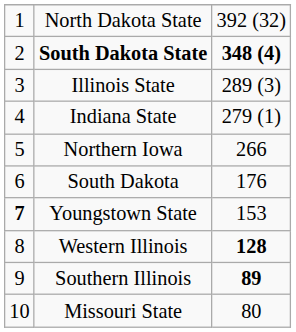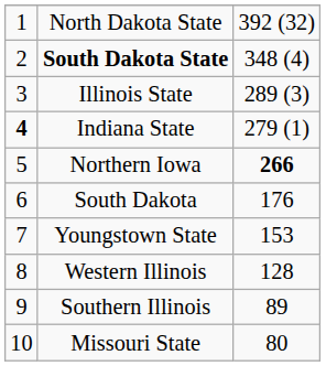 <table class="wikitable">
 <tr align="center">
 </tr>
 <tr align="center">
 <td>1</td>
 <td>North Dakota State</td>
 <td>392 (32)</td>
 </tr>
 <tr align="center">
 <td>2</td>
 <td><strong>South Dakota State</strong></td>
-<td><strong>348 (4)</strong></td>
+<td>348 (4)</td>
 </tr>
 <tr align="center">
 <td>3</td>
 <td>Illinois State</td>
 <td>289 (3)</td>
 </tr>
 <tr align="center">
-<td>4</td>
+<td><strong>4</strong></td>
 <td>Indiana State</td>
 <td>279 (1)</td>
 </tr>
 <tr align="center">
 <td>5</td>
 <td>Northern Iowa</td>
-<td>266</td>
+<td><strong>266</strong></td>
 </tr>
 <tr align="center">
 <td>6</td>
 <td>South Dakota</td>
 <td>176</td>
 </tr>
 <tr align="center">
-<td><strong>7</strong></td>
+<td>7</td>
 <td>Youngstown State</td>
 <td>153</td>
 </tr>
 <tr align="center">
 <td>8</td>
 <td>Western Illinois</td>
-<td><strong>128</strong></td>
+<td>128</td>
 </tr>
 <tr align="center">
 <td>9</td>
 <td>Southern Illinois</td>
-<td><strong>89</strong></td>
+<td>89</td>
 </tr>
 <tr align="center">
 <td>10</td>
 <td>Missouri State</td>
 <td>80</td>
 </tr>
 </table>
